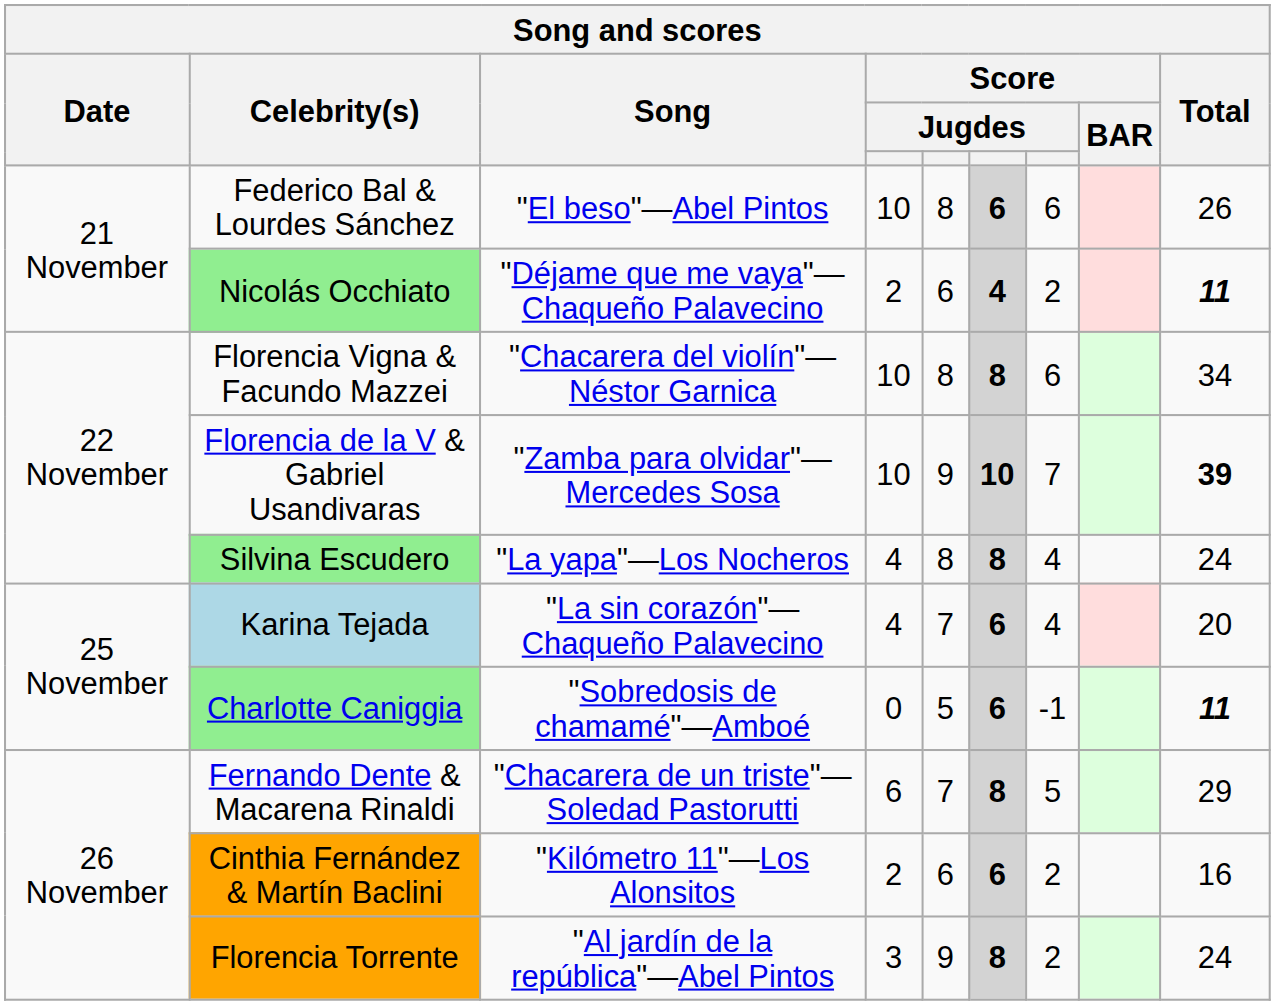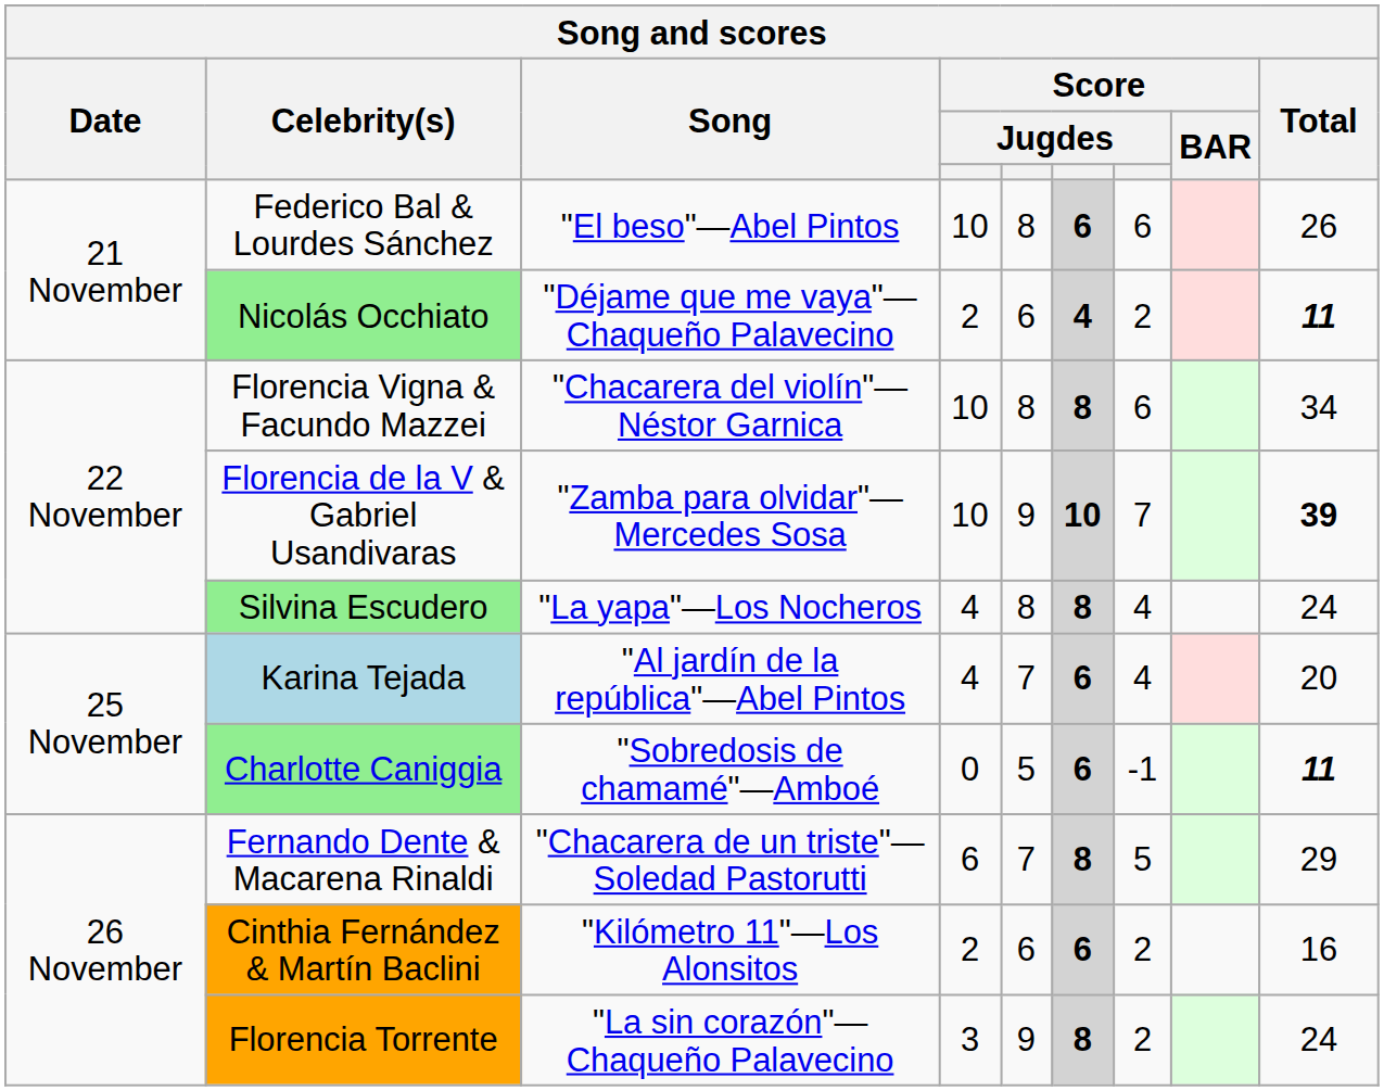 <table class="wikitable collapsible collapsed" style="font-size:95%; text-align: center; width: 100%;">
 <tr>
 <th colspan="11" style="with: 100%;" align=center>Song and scores</th>
 </tr>
 <tr>
 <th rowspan="3" width=110>Date</th>
 <th rowspan="3" width=240>Celebrity(s)</th>
 <th rowspan="3" width=370>Song</th>
 <th colspan="5">Score</th>
 <th rowspan="3" width=70>Total</th>
 </tr>
 <tr>
 <th colspan="4">Jugdes</th>
 <th rowspan="2" width=30>BAR<br></th>
 </tr>
 <tr>
 <th width=30></th>
 <th width=30></th>
 <th width=30></th>
 <th width=30></th>
 </tr>
 <tr>
 <td rowspan="2">21 November</td>
 <td bgcolor="">Federico Bal & Lourdes Sánchez</td>
 <td>"<a href='#'>El beso</a>"—<a href='#'>Abel Pintos</a></td>
 <td>10</td>
 <td>8</td>
 <td bgcolor="lightgrey"><strong>6</strong></td>
 <td>6</td>
 <td bgcolor="#ffdddd"></td>
 <td>26</td>
 </tr>
 <tr>
 <td bgcolor="lightgreen">Nicolás Occhiato</td>
 <td>"<a href='#'>Déjame que me vaya</a>"—<a href='#'>Chaqueño Palavecino</a></td>
 <td>2</td>
 <td>6</td>
 <td bgcolor="lightgrey"><strong>4</strong></td>
 <td>2</td>
 <td bgcolor="#ffdddd"></td>
 <td><span><strong><em>11</em></strong></span></td>
 </tr>
 <tr>
 <td rowspan="3">22 November</td>
 <td bgcolor="">Florencia Vigna & Facundo Mazzei</td>
 <td>"<a href='#'>Chacarera del violín</a>"—<a href='#'>Néstor Garnica</a></td>
 <td>10</td>
 <td>8</td>
 <td bgcolor="lightgrey"><strong>8</strong></td>
 <td>6</td>
 <td bgcolor="#ddffdd"></td>
 <td>34</td>
 </tr>
 <tr>
 <td bgcolor=""><a href='#'>Florencia de la V</a> & Gabriel Usandivaras</td>
 <td>"<a href='#'>Zamba para olvidar</a>"—<a href='#'>Mercedes Sosa</a></td>
 <td>10</td>
 <td>9</td>
 <td bgcolor="lightgrey"><strong>10</strong></td>
 <td>7</td>
 <td bgcolor="#ddffdd"></td>
 <td><span><strong>39</strong></span></td>
 </tr>
 <tr>
 <td bgcolor="lightgreen">Silvina Escudero</td>
 <td>"<a href='#'>La yapa</a>"—<a href='#'>Los Nocheros</a></td>
 <td>4</td>
 <td>8</td>
 <td bgcolor="lightgrey"><strong>8</strong></td>
 <td>4</td>
 <td></td>
 <td>24</td>
 </tr>
 <tr>
 <td rowspan="2">25 November</td>
 <td bgcolor="lightblue">Karina Tejada</td>
-<td>"<a href='#'>La sin corazón</a>"—<a href='#'>Chaqueño Palavecino</a></td>
+<td>"<a href='#'>Al jardín de la república</a>"—<a href='#'>Abel Pintos</a></td>
 <td>4</td>
 <td>7</td>
 <td bgcolor="lightgrey"><strong>6</strong></td>
 <td>4</td>
 <td bgcolor="#ffdddd"></td>
 <td>20</td>
 </tr>
 <tr>
 <td bgcolor="lightgreen"><a href='#'>Charlotte Caniggia</a></td>
 <td>"<a href='#'>Sobredosis de chamamé</a>"—<a href='#'>Amboé</a></td>
 <td>0</td>
 <td>5</td>
 <td bgcolor="lightgrey"><strong>6</strong></td>
 <td>-1</td>
 <td bgcolor="#ddffdd"></td>
 <td><span><strong><em>11</em></strong></span></td>
 </tr>
 <tr>
 <td rowspan="3">26 November</td>
 <td bgcolor=""><a href='#'>Fernando Dente</a> & Macarena Rinaldi</td>
 <td>"<a href='#'>Chacarera de un triste</a>"—<a href='#'>Soledad Pastorutti</a></td>
 <td>6</td>
 <td>7</td>
 <td bgcolor="lightgrey"><strong>8</strong></td>
 <td>5</td>
 <td bgcolor="#ddffdd"></td>
 <td>29</td>
 </tr>
 <tr>
 <td bgcolor="orange">Cinthia Fernández & Martín Baclini</td>
 <td>"<a href='#'>Kilómetro 11</a>"—<a href='#'>Los Alonsitos</a></td>
 <td>2</td>
 <td>6</td>
 <td bgcolor="lightgrey"><strong>6</strong></td>
 <td>2</td>
 <td></td>
 <td>16</td>
 </tr>
 <tr>
 <td bgcolor="orange">Florencia Torrente</td>
-<td>"<a href='#'>Al jardín de la república</a>"—<a href='#'>Abel Pintos</a></td>
+<td>"<a href='#'>La sin corazón</a>"—<a href='#'>Chaqueño Palavecino</a></td>
 <td>3</td>
 <td>9</td>
 <td bgcolor="lightgrey"><strong>8</strong></td>
 <td>2</td>
 <td bgcolor="#ddffdd"></td>
 <td>24</td>
 </tr>
 </table>
